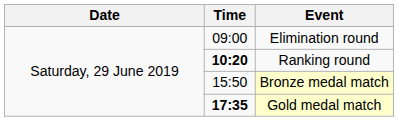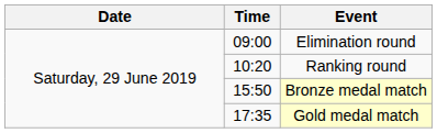 <table class = "wikitable" style="text-align:center;">
 <tr>
 <th width=220>Date</th>
 <th width=50>Time</th>
 <th width=150>Event</th>
 </tr>
 <tr>
 <td rowspan=4>Saturday, 29 June 2019</td>
 <td>09:00</td>
 <td>Elimination round</td>
 </tr>
 <tr>
-<td><strong>10:20</strong></td>
+<td>10:20</td>
 <td>Ranking round</td>
 </tr>
 <tr>
 <td>15:50</td>
 <td bgcolor=ffffcc>Bronze medal match</td>
 </tr>
 <tr>
-<td><strong>17:35</strong></td>
+<td>17:35</td>
 <td bgcolor=ffffcc>Gold medal match</td>
 </tr>
 </table>
